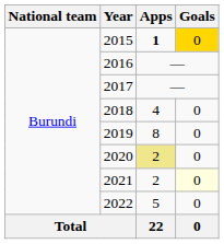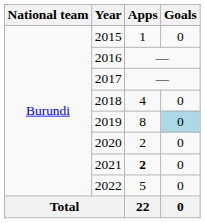 <table class=wikitable style="text-align: center;">
 <tr>
 <th>National team</th>
 <th>Year</th>
 <th>Apps</th>
 <th>Goals</th>
 </tr>
 <tr>
 <td rowspan="8"><a href='#'>Burundi</a></td>
 <td>2015</td>
-<td><strong>1</strong></td>
-<td style="background: gold;">0</td>
+<td>1</td>
+<td>0</td>
 </tr>
 <tr>
 <td>2016</td>
 <td colspan=2>—</td>
 </tr>
 <tr>
 <td>2017</td>
 <td colspan=2>—</td>
 </tr>
 <tr>
 <td>2018</td>
 <td>4</td>
 <td>0</td>
 </tr>
 <tr>
 <td>2019</td>
 <td>8</td>
-<td>0</td>
+<td style="background: lightblue;">0</td>
 </tr>
 <tr>
 <td>2020</td>
-<td style="background: khaki;">2</td>
+<td>2</td>
 <td>0</td>
 </tr>
 <tr>
 <td>2021</td>
-<td>2</td>
-<td style="background: lightyellow;">0</td>
+<td><strong>2</strong></td>
+<td>0</td>
 </tr>
 <tr>
 <td>2022</td>
 <td>5</td>
 <td>0</td>
 </tr>
 <tr>
 <th colspan="2">Total</th>
 <th>22</th>
 <th>0</th>
 </tr>
 </table>
